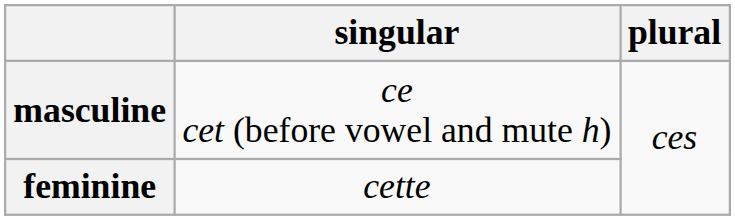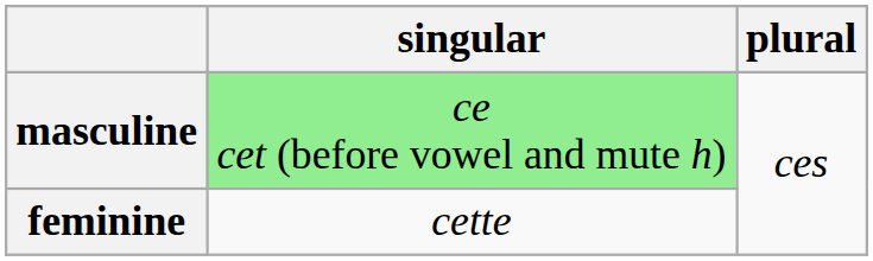 <table border="1" class="wikitable" style="text-align:center" cellpadding="5" cellspacing="0">
 <tr>
 <th> </th>
 <th>singular</th>
 <th>plural</th>
 </tr>
 <tr>
 <th>masculine</th>
-<td><em>ce</em><br><em>cet</em> (before vowel and mute <em>h</em>)</td>
+<td style="background: lightgreen;"><em>ce</em><br><em>cet</em> (before vowel and mute <em>h</em>)</td>
 <td rowspan='2' valign='center'><em>ces</em></td>
 </tr>
 <tr>
 <th>feminine</th>
 <td><em>cette</em></td>
 </tr>
 </table>
